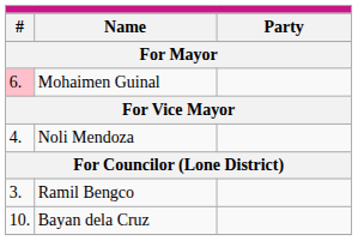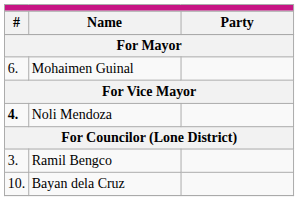 <table class="wikitable" style="font-size:90%">
 <tr>
 <td colspan="5" bgcolor="#c71585"></td>
 </tr>
 <tr>
 <th>#</th>
 <th width=150px>Name</th>
 <th colspan=2 width=110px>Party</th>
 </tr>
 <tr>
 </tr>
 <tr>
 <th colspan=5>For Mayor</th>
 </tr>
 <tr>
-<td style="background: pink;">6.</td>
+<td>6.</td>
 <td>Mohaimen Guinal</td>
 <td></td>
 </tr>
 <tr>
 <th colspan=5>For Vice Mayor</th>
 </tr>
 <tr>
-<td>4.</td>
+<td><strong>4.</strong></td>
 <td>Noli Mendoza</td>
 <td></td>
 </tr>
 <tr>
 <th colspan="5">For Councilor (Lone District)</th>
 </tr>
 <tr>
 <td>3.</td>
 <td>Ramil Bengco</td>
 <td></td>
 </tr>
 <tr>
 <td>10.</td>
 <td>Bayan dela Cruz</td>
 <td></td>
 </tr>
 <tr>
 </tr>
 </table>
